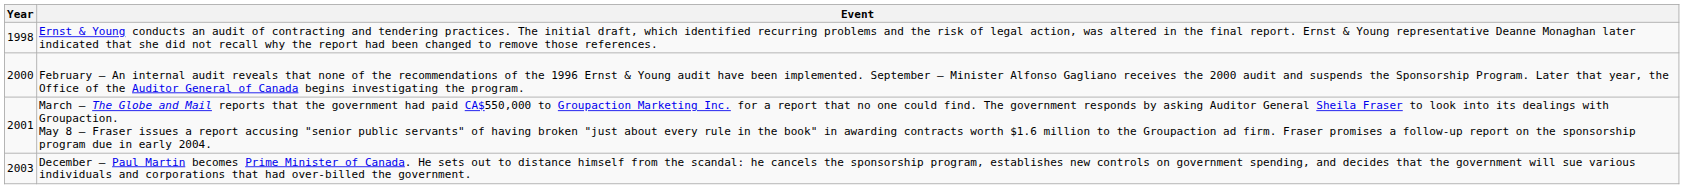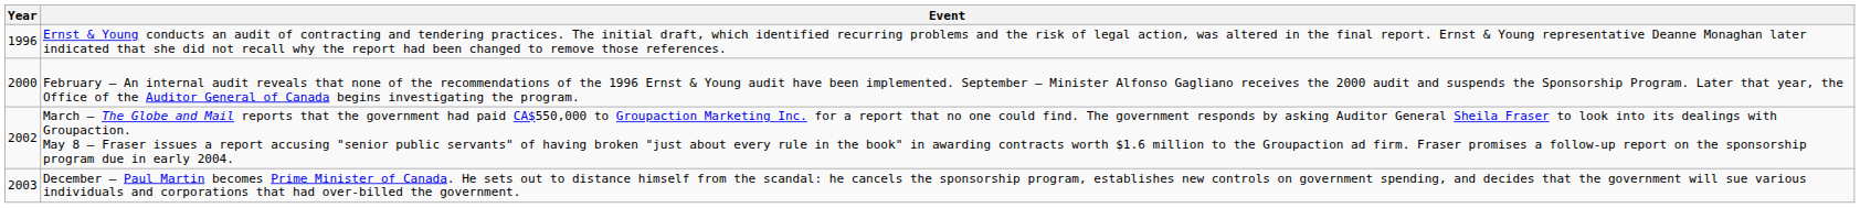 <table class="wikitable">
 <tr>
 <th>Year</th>
 <th>Event</th>
 </tr>
 <tr>
-<td>1998</td>
+<td>1996</td>
 <td><a href='#'>Ernst & Young</a> conducts an audit of contracting and tendering practices. The initial draft, which identified recurring problems and the risk of legal action, was altered in the final report. Ernst & Young representative Deanne Monaghan later indicated that she did not recall why the report had been changed to remove those references.</td>
 </tr>
 <tr>
 <td>2000</td>
 <td><br>February – An internal audit reveals that none of the recommendations of the 1996 Ernst & Young audit have been implemented. September – Minister Alfonso Gagliano receives the 2000 audit and suspends the Sponsorship Program. Later that year, the Office of the <a href='#'>Auditor General of Canada</a> begins investigating the program.</td>
 </tr>
 <tr>
-<td>2001</td>
+<td>2002</td>
 <td>March – <em><a href='#'>The Globe and Mail</a></em> reports that the government had paid <a href='#'>CA$</a>550,000 to <a href='#'>Groupaction Marketing Inc.</a> for a report that no one could find. The government responds by asking Auditor General <a href='#'>Sheila Fraser</a> to look into its dealings with Groupaction.<br>May 8 – Fraser issues a report accusing "senior public servants" of having broken "just about every rule in the book" in awarding contracts worth $1.6 million to the Groupaction ad firm. Fraser promises a follow-up report on the sponsorship program due in early 2004.</td>
 </tr>
 <tr>
 <td>2003</td>
 <td>December – <a href='#'>Paul Martin</a> becomes <a href='#'>Prime Minister of Canada</a>. He sets out to distance himself from the scandal: he cancels the sponsorship program, establishes new controls on government spending, and decides that the government will sue various individuals and corporations that had over-billed the government.</td>
 </tr>
 </table>
